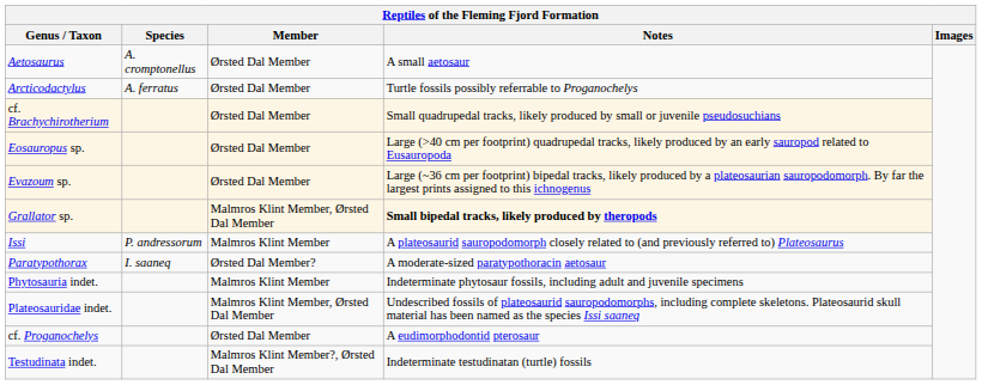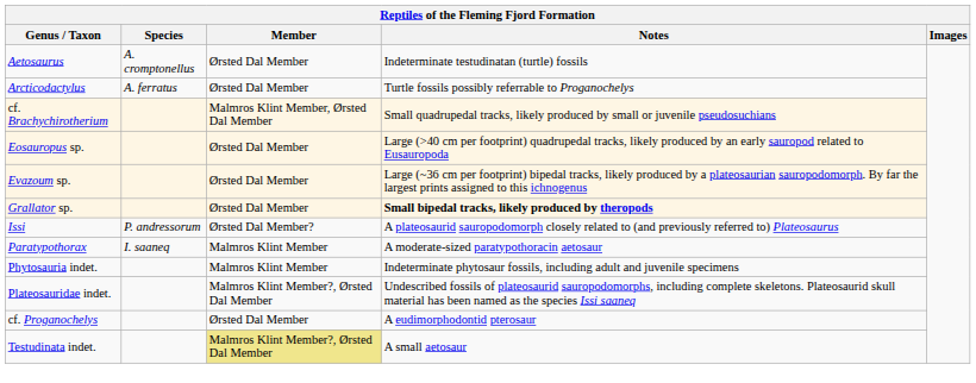 <table class="wikitable" align="center">
 <tr>
 <th colspan="5" align="center"><strong><a href='#'>Reptiles</a> of the Fleming Fjord Formation</strong></th>
 </tr>
 <tr>
 <th>Genus / Taxon</th>
 <th>Species</th>
 <th>Member</th>
 <th>Notes</th>
 <th>Images</th>
 </tr>
 <tr>
 <td><em><a href='#'>Aetosaurus</a></em></td>
 <td><em>A. cromptonellus</em></td>
 <td>Ørsted Dal Member</td>
-<td>A small <a href='#'>aetosaur</a></td>
+<td>Indeterminate testudinatan (turtle) fossils</td>
 <td rowspan="174"><br>  </td>
 </tr>
 <tr>
 <td><em><a href='#'>Arcticodactylus</a></em></td>
 <td><em>A. ferratus</em></td>
 <td>Ørsted Dal Member</td>
 <td>Turtle fossils possibly referrable to <em>Proganochelys</em></td>
 </tr>
 <tr>
 <td style="background:#FEF6E4;">cf. <em><a href='#'>Brachychirotherium</a></em></td>
 <td style="background:#FEF6E4;"></td>
-<td style="background:#FEF6E4;">Ørsted Dal Member</td>
+<td style="background:#FEF6E4;">Malmros Klint Member, Ørsted Dal Member</td>
 <td style="background:#FEF6E4;">Small quadrupedal tracks, likely produced by small or juvenile <a href='#'>pseudosuchians</a></td>
 </tr>
 <tr>
 <td style="background:#FEF6E4;"><em><a href='#'>Eosauropus</a></em> sp.</td>
 <td style="background:#FEF6E4;"></td>
 <td style="background:#FEF6E4;">Ørsted Dal Member</td>
 <td style="background:#FEF6E4;">Large (>40 cm per footprint) quadrupedal tracks, likely produced by an early <a href='#'>sauropod</a> related to <a href='#'>Eusauropoda</a></td>
 </tr>
 <tr>
 <td style="background:#FEF6E4;"><em><a href='#'>Evazoum</a></em> sp.</td>
 <td style="background:#FEF6E4;"></td>
 <td style="background:#FEF6E4;">Ørsted Dal Member</td>
 <td style="background:#FEF6E4;">Large (~36 cm per footprint) bipedal tracks, likely produced by a <a href='#'>plateosaurian</a> <a href='#'>sauropodomorph</a>. By far the largest prints assigned to this <a href='#'>ichnogenus</a></td>
 </tr>
 <tr>
 <td style="background:#FEF6E4;"><em><a href='#'>Grallator</a></em> sp.</td>
 <td style="background:#FEF6E4;"></td>
-<td style="background:#FEF6E4;">Malmros Klint Member, Ørsted Dal Member</td>
+<td style="background:#FEF6E4;">Ørsted Dal Member</td>
 <td style="background:#FEF6E4;"><strong>Small bipedal tracks, likely produced by <a href='#'>theropods</a></strong></td>
 </tr>
 <tr>
 <td><em><a href='#'>Issi</a></em></td>
 <td><em>P. andressorum</em></td>
-<td>Malmros Klint Member</td>
+<td>Ørsted Dal Member?</td>
 <td>A <a href='#'>plateosaurid</a> <a href='#'>sauropodomorph</a> closely related to (and previously referred to) <em><a href='#'>Plateosaurus</a></em></td>
 </tr>
 <tr>
 <td><em><a href='#'>Paratypothorax</a></em></td>
 <td><em>I. saaneq</em></td>
-<td>Ørsted Dal Member?</td>
+<td>Malmros Klint Member</td>
 <td>A moderate-sized <a href='#'>paratypothoracin</a> <a href='#'>aetosaur</a></td>
 </tr>
 <tr>
 <td><a href='#'>Phytosauria</a> indet.</td>
 <td></td>
 <td>Malmros Klint Member</td>
 <td>Indeterminate phytosaur fossils, including adult and juvenile specimens</td>
 </tr>
 <tr>
 <td><a href='#'>Plateosauridae</a> indet.</td>
 <td></td>
-<td>Malmros Klint Member, Ørsted Dal Member</td>
+<td>Malmros Klint Member?, Ørsted Dal Member</td>
 <td>Undescribed fossils of <a href='#'>plateosaurid</a> <a href='#'>sauropodomorphs</a>, including complete skeletons. Plateosaurid skull material has been named as the species <em><a href='#'>Issi saaneq</a></em></td>
 </tr>
 <tr>
 <td>cf. <em><a href='#'>Proganochelys</a></em></td>
 <td></td>
 <td>Ørsted Dal Member</td>
 <td>A <a href='#'>eudimorphodontid</a> <a href='#'>pterosaur</a></td>
 </tr>
 <tr>
 <td><a href='#'>Testudinata</a> indet.</td>
 <td></td>
-<td>Malmros Klint Member?, Ørsted Dal Member</td>
-<td>Indeterminate testudinatan (turtle) fossils</td>
+<td style="background: khaki;">Malmros Klint Member?, Ørsted Dal Member</td>
+<td>A small <a href='#'>aetosaur</a></td>
 </tr>
 </table>
